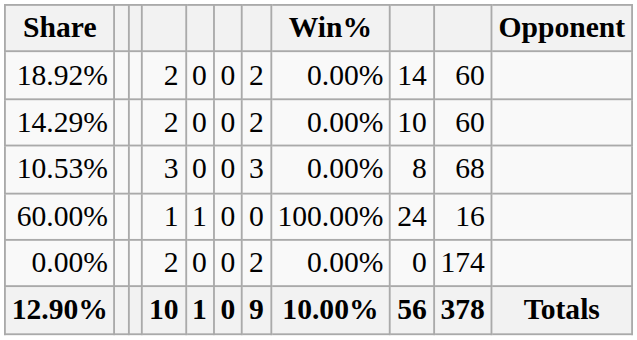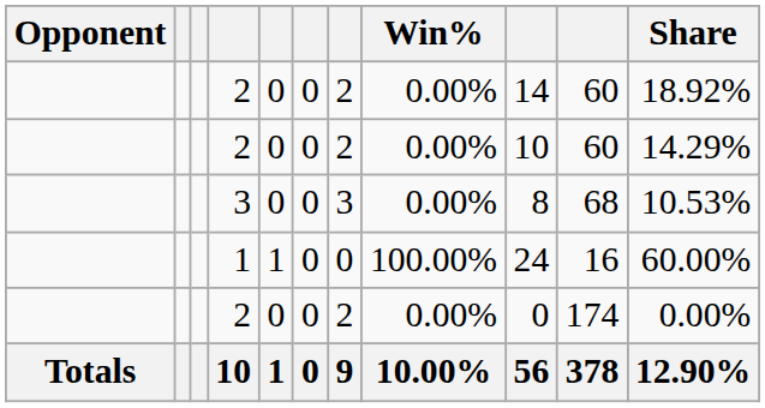 <table class="wikitable sortable" style="text-align:right;">
 <tr>
-<th>Share</th>
+<th>Opponent</th>
 <th></th>
 <th></th>
 <th></th>
 <th></th>
 <th></th>
 <th></th>
 <th>Win%</th>
 <th></th>
 <th></th>
-<th>Opponent</th>
+<th>Share</th>
 </tr>
 <tr>
-<td>18.92%</td>
+<td align=left></td>
 <td></td>
 <td></td>
 <td>2</td>
 <td>0</td>
 <td>0</td>
 <td>2</td>
 <td>0.00%</td>
 <td>14</td>
 <td>60</td>
-<td align=left></td>
+<td>18.92%</td>
 </tr>
 <tr>
-<td>14.29%</td>
+<td align=left></td>
 <td></td>
 <td></td>
 <td>2</td>
 <td>0</td>
 <td>0</td>
 <td>2</td>
 <td>0.00%</td>
 <td>10</td>
 <td>60</td>
-<td align=left></td>
+<td>14.29%</td>
 </tr>
 <tr>
-<td>10.53%</td>
+<td align=left></td>
 <td></td>
 <td></td>
 <td>3</td>
 <td>0</td>
 <td>0</td>
 <td>3</td>
 <td>0.00%</td>
 <td>8</td>
 <td>68</td>
-<td align=left></td>
+<td>10.53%</td>
 </tr>
 <tr>
-<td>60.00%</td>
+<td align=left></td>
 <td></td>
 <td></td>
 <td>1</td>
 <td>1</td>
 <td>0</td>
 <td>0</td>
 <td>100.00%</td>
 <td>24</td>
 <td>16</td>
-<td align=left></td>
+<td>60.00%</td>
 </tr>
 <tr>
-<td>0.00%</td>
+<td align=left></td>
 <td></td>
 <td></td>
 <td>2</td>
 <td>0</td>
 <td>0</td>
 <td>2</td>
 <td>0.00%</td>
 <td>0</td>
 <td>174</td>
-<td align=left></td>
+<td>0.00%</td>
 </tr>
 <tr>
-<th><strong>12.90%</strong></th>
+<th align=left><strong>Totals</strong></th>
 <th><strong></strong></th>
 <th><strong></strong></th>
 <th><strong>10</strong></th>
 <th><strong>1</strong></th>
 <th><strong>0</strong></th>
 <th><strong>9</strong></th>
 <th><strong>10.00%</strong></th>
 <th><strong>56</strong></th>
 <th><strong>378</strong></th>
-<th align=left><strong>Totals</strong></th>
+<th><strong>12.90%</strong></th>
 </tr>
 </table>
